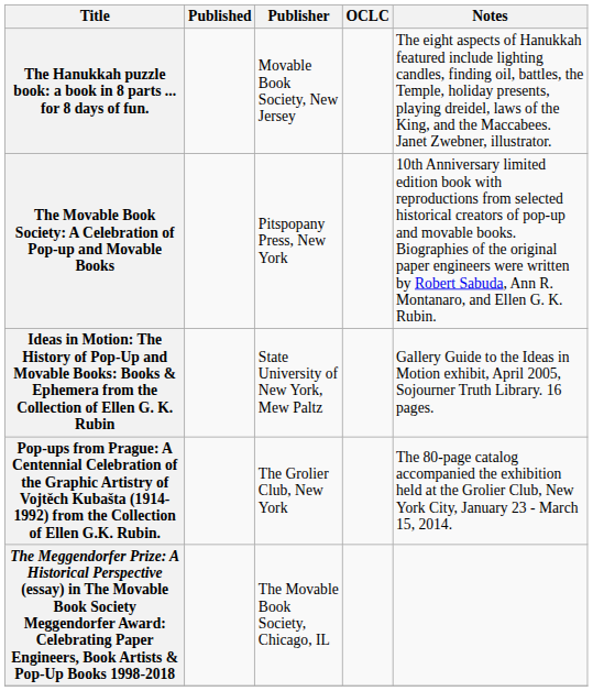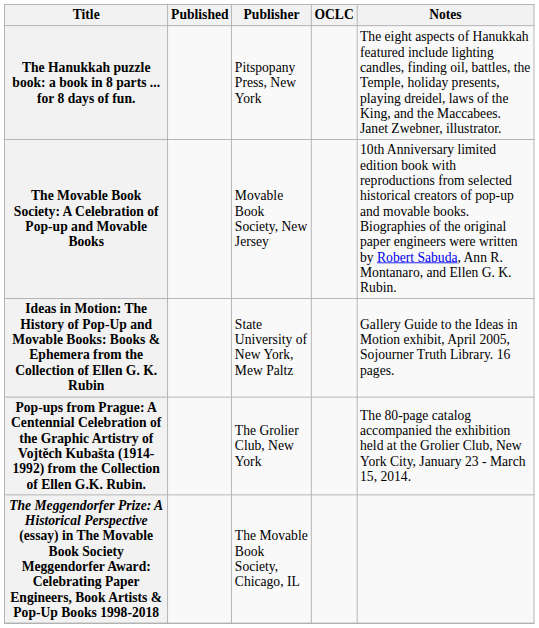 <table class="wikitable plainrowheaders sortable" style="margin-right: 0;">
 <tr>
 <th scope="col">Title</th>
 <th scope="col">Published</th>
 <th scope="col">Publisher</th>
 <th scope="col" class="unsortable">OCLC</th>
 <th scope="col" class="unsortable">Notes</th>
 </tr>
 <tr>
 <th scope="row">The Hanukkah puzzle book: a book in 8 parts ... for 8 days of fun.</th>
 <td></td>
-<td>Movable Book Society, New Jersey</td>
+<td>Pitspopany Press, New York</td>
 <td></td>
 <td>The eight aspects of Hanukkah featured include lighting candles, finding oil, battles, the Temple, holiday presents, playing dreidel, laws of the King, and the Maccabees. Janet Zwebner, illustrator.</td>
 </tr>
 <tr>
 <th scope="row">The Movable Book Society: A Celebration of Pop-up and Movable Books</th>
 <td></td>
-<td>Pitspopany Press, New York</td>
+<td>Movable Book Society, New Jersey</td>
 <td></td>
 <td>10th Anniversary limited edition book with reproductions from selected historical creators of pop-up and movable books. Biographies of the original paper engineers were written by <a href='#'>Robert Sabuda</a>, Ann R. Montanaro, and Ellen G. K. Rubin.</td>
 </tr>
 <tr>
 <th scope="row">Ideas in Motion: The History of Pop-Up and Movable Books: Books & Ephemera from the Collection of Ellen G. K. Rubin</th>
 <td></td>
 <td>State University of New York, Mew Paltz</td>
 <td></td>
 <td>Gallery Guide to the Ideas in Motion exhibit, April 2005, Sojourner Truth Library. 16 pages.</td>
 </tr>
 <tr>
 <th scope="row">Pop-ups from Prague: A Centennial Celebration of the Graphic Artistry of Vojtěch Kubašta (1914-1992) from the Collection of Ellen G.K. Rubin.</th>
 <td></td>
 <td>The Grolier Club, New York</td>
 <td></td>
 <td>The 80-page catalog accompanied the exhibition held at the Grolier Club, New York City, January 23 - March 15, 2014.</td>
 </tr>
 <tr>
 <th scope="row"><em>The Meggendorfer Prize: A Historical Perspective</em> (essay) in The Movable Book Society Meggendorfer Award: Celebrating Paper Engineers, Book Artists & Pop-Up Books 1998-2018</th>
 <td></td>
 <td>The Movable Book Society, Chicago, IL</td>
 <td></td>
 <td></td>
 </tr>
 <tr>
 </tr>
 </table>
